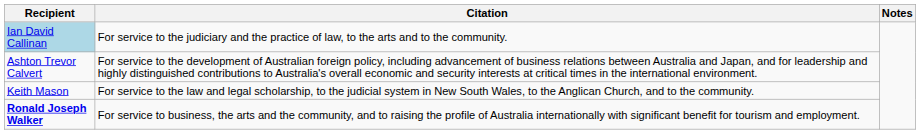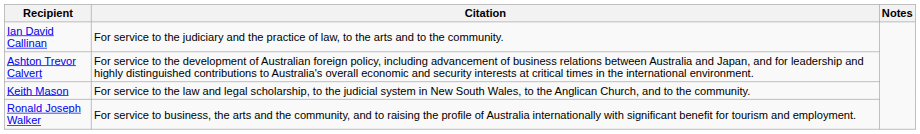 <table class="wikitable" style="font-size:95%;">
 <tr>
 <th>Recipient</th>
 <th>Citation</th>
 <th>Notes</th>
 </tr>
 <tr>
-<td style="background: lightblue;"> <a href='#'>Ian David Callinan</a></td>
+<td> <a href='#'>Ian David Callinan</a></td>
 <td>For service to the judiciary and the practice of law, to the arts and to the community.</td>
 <td rowspan=4></td>
 </tr>
 <tr>
 <td> <a href='#'>Ashton Trevor Calvert</a></td>
 <td>For service to the development of Australian foreign policy, including advancement of business relations between Australia and Japan, and for leadership and highly distinguished contributions to Australia's overall economic and security interests at critical times in the international environment.</td>
 </tr>
 <tr>
 <td> <a href='#'>Keith Mason</a></td>
 <td>For service to the law and legal scholarship, to the judicial system in New South Wales, to the Anglican Church, and to the community.</td>
 </tr>
 <tr>
-<td><strong><a href='#'>Ronald Joseph Walker</a></strong></td>
+<td><a href='#'>Ronald Joseph Walker</a></td>
 <td>For service to business, the arts and the community, and to raising the profile of Australia internationally with significant benefit for tourism and employment.</td>
 </tr>
 </table>
